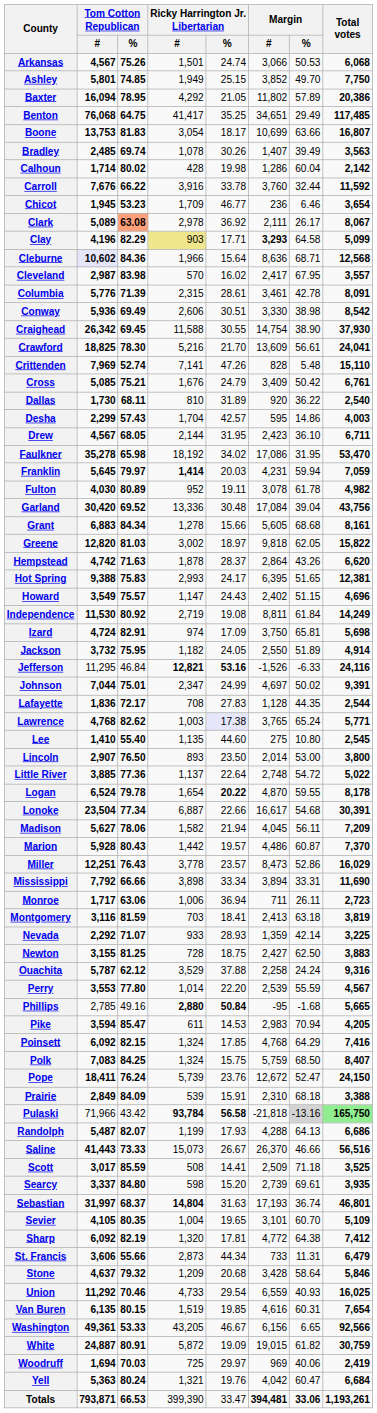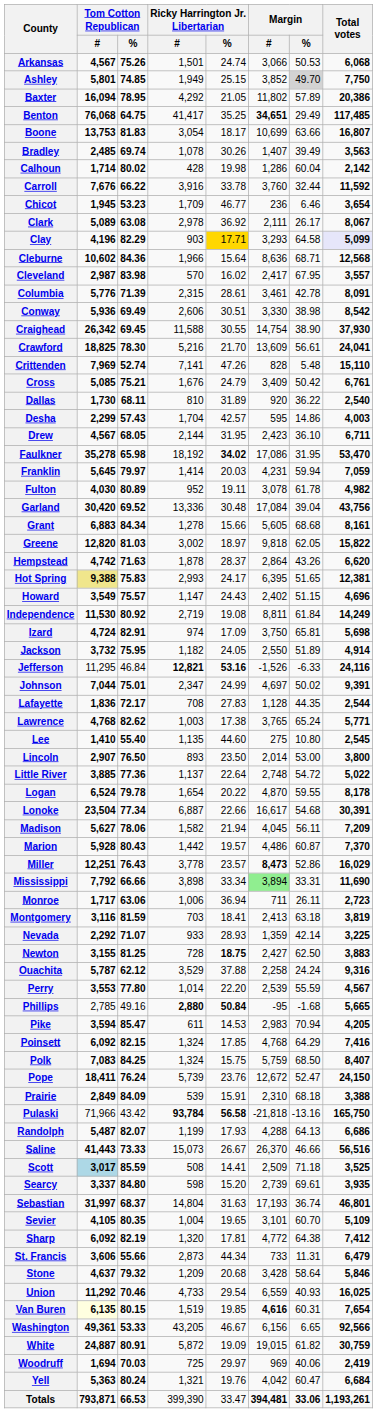 <table class="wikitable sortable" style="text-align:right;font-size:90%;line-height:1.3">
 <tr>
 <th rowspan="2">County</th>
 <th colspan="2"><a href='#'>Tom Cotton</a><br><a href='#'>Republican</a></th>
 <th colspan="2">Ricky Harrington Jr.<br><a href='#'>Libertarian</a></th>
 <th colspan="2">Margin</th>
 <th rowspan="2">Total<br>votes</th>
 </tr>
 <tr>
 <th data-sort-type="number">#</th>
 <th data-sort-type="number">%</th>
 <th data-sort-type="number">#</th>
 <th data-sort-type="number">%</th>
 <th data-sort-type="number">#</th>
 <th data-sort-type="number">%</th>
 </tr>
 <tr>
 <th><a href='#'>Arkansas</a></th>
 <td><strong>4,567</strong></td>
 <td><strong>75.26</strong></td>
 <td>1,501</td>
 <td>24.74</td>
 <td>3,066</td>
 <td>50.53</td>
 <td><strong>6,068</strong></td>
 </tr>
 <tr>
 <th><a href='#'>Ashley</a></th>
 <td><strong>5,801</strong></td>
 <td><strong>74.85</strong></td>
 <td>1,949</td>
 <td>25.15</td>
 <td>3,852</td>
-<td>49.70</td>
+<td style="background: lightgrey;">49.70</td>
 <td><strong>7,750</strong></td>
 </tr>
 <tr>
 <th><a href='#'>Baxter</a></th>
 <td><strong>16,094</strong></td>
 <td><strong>78.95</strong></td>
 <td>4,292</td>
 <td>21.05</td>
 <td>11,802</td>
 <td>57.89</td>
 <td><strong>20,386</strong></td>
 </tr>
 <tr>
 <th><a href='#'>Benton</a></th>
 <td><strong>76,068</strong></td>
 <td><strong>64.75</strong></td>
 <td>41,417</td>
 <td>35.25</td>
-<td>34,651</td>
+<td><strong>34,651</strong></td>
 <td>29.49</td>
 <td><strong>117,485</strong></td>
 </tr>
 <tr>
 <th><a href='#'>Boone</a></th>
 <td><strong>13,753</strong></td>
 <td><strong>81.83</strong></td>
 <td>3,054</td>
 <td>18.17</td>
 <td>10,699</td>
 <td>63.66</td>
 <td><strong>16,807</strong></td>
 </tr>
 <tr>
 <th><a href='#'>Bradley</a></th>
 <td><strong>2,485</strong></td>
 <td><strong>69.74</strong></td>
 <td>1,078</td>
 <td>30.26</td>
 <td>1,407</td>
 <td>39.49</td>
 <td><strong>3,563</strong></td>
 </tr>
 <tr>
 <th><a href='#'>Calhoun</a></th>
 <td><strong>1,714</strong></td>
 <td><strong>80.02</strong></td>
 <td>428</td>
 <td>19.98</td>
 <td>1,286</td>
 <td>60.04</td>
 <td><strong>2,142</strong></td>
 </tr>
 <tr>
 <th><a href='#'>Carroll</a></th>
 <td><strong>7,676</strong></td>
 <td><strong>66.22</strong></td>
 <td>3,916</td>
 <td>33.78</td>
 <td>3,760</td>
 <td>32.44</td>
 <td><strong>11,592</strong></td>
 </tr>
 <tr>
 <th><a href='#'>Chicot</a></th>
 <td><strong>1,945</strong></td>
 <td><strong>53.23</strong></td>
 <td>1,709</td>
 <td>46.77</td>
 <td>236</td>
 <td>6.46</td>
 <td><strong>3,654</strong></td>
 </tr>
 <tr>
 <th><a href='#'>Clark</a></th>
 <td><strong>5,089</strong></td>
-<td style="background: lightsalmon;"><strong>63.08</strong></td>
+<td><strong>63.08</strong></td>
 <td>2,978</td>
 <td>36.92</td>
 <td>2,111</td>
 <td>26.17</td>
 <td><strong>8,067</strong></td>
 </tr>
 <tr>
 <th><a href='#'>Clay</a></th>
 <td><strong>4,196</strong></td>
 <td><strong>82.29</strong></td>
-<td style="background: khaki;">903</td>
-<td>17.71</td>
-<td><strong>3,293</strong></td>
+<td>903</td>
+<td style="background: gold;">17.71</td>
+<td>3,293</td>
 <td>64.58</td>
-<td><strong>5,099</strong></td>
+<td style="background: lavender;"><strong>5,099</strong></td>
 </tr>
 <tr>
 <th><a href='#'>Cleburne</a></th>
-<td style="background: lavender;"><strong>10,602</strong></td>
+<td><strong>10,602</strong></td>
 <td><strong>84.36</strong></td>
 <td>1,966</td>
 <td>15.64</td>
 <td>8,636</td>
 <td>68.71</td>
 <td><strong>12,568</strong></td>
 </tr>
 <tr>
 <th><a href='#'>Cleveland</a></th>
 <td><strong>2,987</strong></td>
 <td><strong>83.98</strong></td>
 <td>570</td>
 <td>16.02</td>
 <td>2,417</td>
 <td>67.95</td>
 <td><strong>3,557</strong></td>
 </tr>
 <tr>
 <th><a href='#'>Columbia</a></th>
 <td><strong>5,776</strong></td>
 <td><strong>71.39</strong></td>
 <td>2,315</td>
 <td>28.61</td>
 <td>3,461</td>
 <td>42.78</td>
 <td><strong>8,091</strong></td>
 </tr>
 <tr>
 <th><a href='#'>Conway</a></th>
 <td><strong>5,936</strong></td>
 <td><strong>69.49</strong></td>
 <td>2,606</td>
 <td>30.51</td>
 <td>3,330</td>
 <td>38.98</td>
 <td><strong>8,542</strong></td>
 </tr>
 <tr>
 <th><a href='#'>Craighead</a></th>
 <td><strong>26,342</strong></td>
 <td><strong>69.45</strong></td>
 <td>11,588</td>
 <td>30.55</td>
 <td>14,754</td>
 <td>38.90</td>
 <td><strong>37,930</strong></td>
 </tr>
 <tr>
 <th><a href='#'>Crawford</a></th>
 <td><strong>18,825</strong></td>
 <td><strong>78.30</strong></td>
 <td>5,216</td>
 <td>21.70</td>
 <td>13,609</td>
 <td>56.61</td>
 <td><strong>24,041</strong></td>
 </tr>
 <tr>
 <th><a href='#'>Crittenden</a></th>
 <td><strong>7,969</strong></td>
 <td><strong>52.74</strong></td>
 <td>7,141</td>
 <td>47.26</td>
 <td>828</td>
 <td>5.48</td>
 <td><strong>15,110</strong></td>
 </tr>
 <tr>
 <th><a href='#'>Cross</a></th>
 <td><strong>5,085</strong></td>
 <td><strong>75.21</strong></td>
 <td>1,676</td>
 <td>24.79</td>
 <td>3,409</td>
 <td>50.42</td>
 <td><strong>6,761</strong></td>
 </tr>
 <tr>
 <th><a href='#'>Dallas</a></th>
 <td><strong>1,730</strong></td>
 <td><strong>68.11</strong></td>
 <td>810</td>
 <td>31.89</td>
 <td>920</td>
 <td>36.22</td>
 <td><strong>2,540</strong></td>
 </tr>
 <tr>
 <th><a href='#'>Desha</a></th>
 <td><strong>2,299</strong></td>
 <td><strong>57.43</strong></td>
 <td>1,704</td>
 <td>42.57</td>
 <td>595</td>
 <td>14.86</td>
 <td><strong>4,003</strong></td>
 </tr>
 <tr>
 <th><a href='#'>Drew</a></th>
 <td><strong>4,567</strong></td>
 <td><strong>68.05</strong></td>
 <td>2,144</td>
 <td>31.95</td>
 <td>2,423</td>
 <td>36.10</td>
 <td><strong>6,711</strong></td>
 </tr>
 <tr>
 <th><a href='#'>Faulkner</a></th>
 <td><strong>35,278</strong></td>
 <td><strong>65.98</strong></td>
 <td>18,192</td>
-<td>34.02</td>
+<td><strong>34.02</strong></td>
 <td>17,086</td>
 <td>31.95</td>
 <td><strong>53,470</strong></td>
 </tr>
 <tr>
 <th><a href='#'>Franklin</a></th>
 <td><strong>5,645</strong></td>
 <td><strong>79.97</strong></td>
-<td><strong>1,414</strong></td>
+<td>1,414</td>
 <td>20.03</td>
 <td>4,231</td>
 <td>59.94</td>
 <td><strong>7,059</strong></td>
 </tr>
 <tr>
 <th><a href='#'>Fulton</a></th>
 <td><strong>4,030</strong></td>
 <td><strong>80.89</strong></td>
 <td>952</td>
 <td>19.11</td>
 <td>3,078</td>
 <td>61.78</td>
 <td><strong>4,982</strong></td>
 </tr>
 <tr>
 <th><a href='#'>Garland</a></th>
 <td><strong>30,420</strong></td>
 <td><strong>69.52</strong></td>
 <td>13,336</td>
 <td>30.48</td>
 <td>17,084</td>
 <td>39.04</td>
 <td><strong>43,756</strong></td>
 </tr>
 <tr>
 <th><a href='#'>Grant</a></th>
 <td><strong>6,883</strong></td>
 <td><strong>84.34</strong></td>
 <td>1,278</td>
 <td>15.66</td>
 <td>5,605</td>
 <td>68.68</td>
 <td><strong>8,161</strong></td>
 </tr>
 <tr>
 <th><a href='#'>Greene</a></th>
 <td><strong>12,820</strong></td>
 <td><strong>81.03</strong></td>
 <td>3,002</td>
 <td>18.97</td>
 <td>9,818</td>
 <td>62.05</td>
 <td><strong>15,822</strong></td>
 </tr>
 <tr>
 <th><a href='#'>Hempstead</a></th>
 <td><strong>4,742</strong></td>
 <td><strong>71.63</strong></td>
 <td>1,878</td>
 <td>28.37</td>
 <td>2,864</td>
 <td>43.26</td>
 <td><strong>6,620</strong></td>
 </tr>
 <tr>
 <th><a href='#'>Hot Spring</a></th>
-<td><strong>9,388</strong></td>
+<td style="background: khaki;"><strong>9,388</strong></td>
 <td><strong>75.83</strong></td>
 <td>2,993</td>
 <td>24.17</td>
 <td>6,395</td>
 <td>51.65</td>
 <td><strong>12,381</strong></td>
 </tr>
 <tr>
 <th><a href='#'>Howard</a></th>
 <td><strong>3,549</strong></td>
 <td><strong>75.57</strong></td>
 <td>1,147</td>
 <td>24.43</td>
 <td>2,402</td>
 <td>51.15</td>
 <td><strong>4,696</strong></td>
 </tr>
 <tr>
 <th><a href='#'>Independence</a></th>
 <td><strong>11,530</strong></td>
 <td><strong>80.92</strong></td>
 <td>2,719</td>
 <td>19.08</td>
 <td>8,811</td>
 <td>61.84</td>
 <td><strong>14,249</strong></td>
 </tr>
 <tr>
 <th><a href='#'>Izard</a></th>
 <td><strong>4,724</strong></td>
 <td><strong>82.91</strong></td>
 <td>974</td>
 <td>17.09</td>
 <td>3,750</td>
 <td>65.81</td>
 <td><strong>5,698</strong></td>
 </tr>
 <tr>
 <th><a href='#'>Jackson</a></th>
 <td><strong>3,732</strong></td>
 <td><strong>75.95</strong></td>
 <td>1,182</td>
 <td>24.05</td>
 <td>2,550</td>
 <td>51.89</td>
 <td><strong>4,914</strong></td>
 </tr>
 <tr>
 <th><a href='#'>Jefferson</a></th>
 <td>11,295</td>
 <td>46.84</td>
 <td><strong>12,821</strong></td>
 <td><strong>53.16</strong></td>
 <td>-1,526</td>
 <td>-6.33</td>
 <td><strong>24,116</strong></td>
 </tr>
 <tr>
 <th><a href='#'>Johnson</a></th>
 <td><strong>7,044</strong></td>
 <td><strong>75.01</strong></td>
 <td>2,347</td>
 <td>24.99</td>
 <td>4,697</td>
 <td>50.02</td>
 <td><strong>9,391</strong></td>
 </tr>
 <tr>
 <th><a href='#'>Lafayette</a></th>
 <td><strong>1,836</strong></td>
 <td><strong>72.17</strong></td>
 <td>708</td>
 <td>27.83</td>
 <td>1,128</td>
 <td>44.35</td>
 <td><strong>2,544</strong></td>
 </tr>
 <tr>
 <th><a href='#'>Lawrence</a></th>
 <td><strong>4,768</strong></td>
 <td><strong>82.62</strong></td>
 <td>1,003</td>
-<td style="background: lavender;">17.38</td>
+<td>17.38</td>
 <td>3,765</td>
 <td>65.24</td>
 <td><strong>5,771</strong></td>
 </tr>
 <tr>
 <th><a href='#'>Lee</a></th>
 <td><strong>1,410</strong></td>
 <td><strong>55.40</strong></td>
 <td>1,135</td>
 <td>44.60</td>
 <td>275</td>
 <td>10.80</td>
 <td><strong>2,545</strong></td>
 </tr>
 <tr>
 <th><a href='#'>Lincoln</a></th>
 <td><strong>2,907</strong></td>
 <td><strong>76.50</strong></td>
 <td>893</td>
 <td>23.50</td>
 <td>2,014</td>
 <td>53.00</td>
 <td><strong>3,800</strong></td>
 </tr>
 <tr>
 <th><a href='#'>Little River</a></th>
 <td><strong>3,885</strong></td>
 <td><strong>77.36</strong></td>
 <td>1,137</td>
 <td>22.64</td>
 <td>2,748</td>
 <td>54.72</td>
 <td><strong>5,022</strong></td>
 </tr>
 <tr>
 <th><a href='#'>Logan</a></th>
 <td><strong>6,524</strong></td>
 <td><strong>79.78</strong></td>
 <td>1,654</td>
-<td><strong>20.22</strong></td>
+<td>20.22</td>
 <td>4,870</td>
 <td>59.55</td>
 <td><strong>8,178</strong></td>
 </tr>
 <tr>
 <th><a href='#'>Lonoke</a></th>
 <td><strong>23,504</strong></td>
 <td><strong>77.34</strong></td>
 <td>6,887</td>
 <td>22.66</td>
 <td>16,617</td>
 <td>54.68</td>
 <td><strong>30,391</strong></td>
 </tr>
 <tr>
 <th><a href='#'>Madison</a></th>
 <td><strong>5,627</strong></td>
 <td><strong>78.06</strong></td>
 <td>1,582</td>
 <td>21.94</td>
 <td>4,045</td>
 <td>56.11</td>
 <td><strong>7,209</strong></td>
 </tr>
 <tr>
 <th><a href='#'>Marion</a></th>
 <td><strong>5,928</strong></td>
 <td><strong>80.43</strong></td>
 <td>1,442</td>
 <td>19.57</td>
 <td>4,486</td>
 <td>60.87</td>
 <td><strong>7,370</strong></td>
 </tr>
 <tr>
 <th><a href='#'>Miller</a></th>
 <td><strong>12,251</strong></td>
 <td><strong>76.43</strong></td>
 <td>3,778</td>
 <td>23.57</td>
-<td>8,473</td>
+<td><strong>8,473</strong></td>
 <td>52.86</td>
 <td><strong>16,029</strong></td>
 </tr>
 <tr>
 <th><a href='#'>Mississippi</a></th>
 <td><strong>7,792</strong></td>
 <td><strong>66.66</strong></td>
 <td>3,898</td>
 <td>33.34</td>
-<td>3,894</td>
+<td style="background: lightgreen;">3,894</td>
 <td>33.31</td>
 <td><strong>11,690</strong></td>
 </tr>
 <tr>
 <th><a href='#'>Monroe</a></th>
 <td><strong>1,717</strong></td>
 <td><strong>63.06</strong></td>
 <td>1,006</td>
 <td>36.94</td>
 <td>711</td>
 <td>26.11</td>
 <td><strong>2,723</strong></td>
 </tr>
 <tr>
 <th><a href='#'>Montgomery</a></th>
 <td><strong>3,116</strong></td>
 <td><strong>81.59</strong></td>
 <td>703</td>
 <td>18.41</td>
 <td>2,413</td>
 <td>63.18</td>
 <td><strong>3,819</strong></td>
 </tr>
 <tr>
 <th><a href='#'>Nevada</a></th>
 <td><strong>2,292</strong></td>
 <td><strong>71.07</strong></td>
 <td>933</td>
 <td>28.93</td>
 <td>1,359</td>
 <td>42.14</td>
 <td><strong>3,225</strong></td>
 </tr>
 <tr>
 <th><a href='#'>Newton</a></th>
 <td><strong>3,155</strong></td>
 <td><strong>81.25</strong></td>
 <td>728</td>
-<td>18.75</td>
+<td><strong>18.75</strong></td>
 <td>2,427</td>
 <td>62.50</td>
 <td><strong>3,883</strong></td>
 </tr>
 <tr>
 <th><a href='#'>Ouachita</a></th>
 <td><strong>5,787</strong></td>
 <td><strong>62.12</strong></td>
 <td>3,529</td>
 <td>37.88</td>
 <td>2,258</td>
 <td>24.24</td>
 <td><strong>9,316</strong></td>
 </tr>
 <tr>
 <th><a href='#'>Perry</a></th>
 <td><strong>3,553</strong></td>
 <td><strong>77.80</strong></td>
 <td>1,014</td>
 <td>22.20</td>
 <td>2,539</td>
 <td>55.59</td>
 <td><strong>4,567</strong></td>
 </tr>
 <tr>
 <th><a href='#'>Phillips</a></th>
 <td>2,785</td>
 <td>49.16</td>
 <td><strong>2,880</strong></td>
 <td><strong>50.84</strong></td>
 <td>-95</td>
 <td>-1.68</td>
 <td><strong>5,665</strong></td>
 </tr>
 <tr>
 <th><a href='#'>Pike</a></th>
 <td><strong>3,594</strong></td>
 <td><strong>85.47</strong></td>
 <td>611</td>
 <td>14.53</td>
 <td>2,983</td>
 <td>70.94</td>
 <td><strong>4,205</strong></td>
 </tr>
 <tr>
 <th><a href='#'>Poinsett</a></th>
 <td><strong>6,092</strong></td>
 <td><strong>82.15</strong></td>
 <td>1,324</td>
 <td>17.85</td>
 <td>4,768</td>
 <td>64.29</td>
 <td><strong>7,416</strong></td>
 </tr>
 <tr>
 <th><a href='#'>Polk</a></th>
 <td><strong>7,083</strong></td>
 <td><strong>84.25</strong></td>
 <td>1,324</td>
 <td>15.75</td>
 <td>5,759</td>
 <td>68.50</td>
 <td><strong>8,407</strong></td>
 </tr>
 <tr>
 <th><a href='#'>Pope</a></th>
 <td><strong>18,411</strong></td>
 <td><strong>76.24</strong></td>
 <td>5,739</td>
 <td>23.76</td>
 <td>12,672</td>
 <td>52.47</td>
 <td><strong>24,150</strong></td>
 </tr>
 <tr>
 <th><a href='#'>Prairie</a></th>
 <td><strong>2,849</strong></td>
 <td><strong>84.09</strong></td>
 <td>539</td>
 <td>15.91</td>
 <td>2,310</td>
 <td>68.18</td>
 <td><strong>3,388</strong></td>
 </tr>
 <tr>
 <th><a href='#'>Pulaski</a></th>
 <td>71,966</td>
 <td>43.42</td>
 <td><strong>93,784</strong></td>
 <td><strong>56.58</strong></td>
 <td>-21,818</td>
-<td style="background: lightgrey;">-13.16</td>
-<td style="background: lightgreen;"><strong>165,750</strong></td>
+<td>-13.16</td>
+<td><strong>165,750</strong></td>
 </tr>
 <tr>
 <th><a href='#'>Randolph</a></th>
 <td><strong>5,487</strong></td>
 <td><strong>82.07</strong></td>
 <td>1,199</td>
 <td>17.93</td>
 <td>4,288</td>
 <td>64.13</td>
 <td><strong>6,686</strong></td>
 </tr>
 <tr>
 <th><a href='#'>Saline</a></th>
 <td><strong>41,443</strong></td>
 <td><strong>73.33</strong></td>
 <td>15,073</td>
 <td>26.67</td>
 <td>26,370</td>
 <td>46.66</td>
 <td><strong>56,516</strong></td>
 </tr>
 <tr>
 <th><a href='#'>Scott</a></th>
-<td><strong>3,017</strong></td>
+<td style="background: lightblue;"><strong>3,017</strong></td>
 <td><strong>85.59</strong></td>
 <td>508</td>
 <td>14.41</td>
 <td>2,509</td>
 <td>71.18</td>
 <td><strong>3,525</strong></td>
 </tr>
 <tr>
 <th><a href='#'>Searcy</a></th>
 <td><strong>3,337</strong></td>
 <td><strong>84.80</strong></td>
 <td>598</td>
 <td>15.20</td>
 <td>2,739</td>
 <td>69.61</td>
 <td><strong>3,935</strong></td>
 </tr>
 <tr>
 <th><a href='#'>Sebastian</a></th>
 <td><strong>31,997</strong></td>
 <td><strong>68.37</strong></td>
-<td><strong>14,804</strong></td>
+<td>14,804</td>
 <td>31.63</td>
 <td>17,193</td>
 <td>36.74</td>
 <td><strong>46,801</strong></td>
 </tr>
 <tr>
 <th><a href='#'>Sevier</a></th>
 <td><strong>4,105</strong></td>
 <td><strong>80.35</strong></td>
 <td>1,004</td>
 <td>19.65</td>
 <td>3,101</td>
 <td>60.70</td>
 <td><strong>5,109</strong></td>
 </tr>
 <tr>
 <th><a href='#'>Sharp</a></th>
 <td><strong>6,092</strong></td>
 <td><strong>82.19</strong></td>
 <td>1,320</td>
 <td>17.81</td>
 <td>4,772</td>
 <td>64.38</td>
 <td><strong>7,412</strong></td>
 </tr>
 <tr>
 <th><a href='#'>St. Francis</a></th>
 <td><strong>3,606</strong></td>
 <td><strong>55.66</strong></td>
 <td>2,873</td>
 <td>44.34</td>
 <td>733</td>
 <td>11.31</td>
 <td><strong>6,479</strong></td>
 </tr>
 <tr>
 <th><a href='#'>Stone</a></th>
 <td><strong>4,637</strong></td>
 <td><strong>79.32</strong></td>
 <td>1,209</td>
 <td>20.68</td>
 <td>3,428</td>
 <td>58.64</td>
 <td><strong>5,846</strong></td>
 </tr>
 <tr>
 <th><a href='#'>Union</a></th>
 <td><strong>11,292</strong></td>
 <td><strong>70.46</strong></td>
 <td>4,733</td>
 <td>29.54</td>
 <td>6,559</td>
 <td>40.93</td>
 <td><strong>16,025</strong></td>
 </tr>
 <tr>
 <th><a href='#'>Van Buren</a></th>
-<td><strong>6,135</strong></td>
+<td style="background: lightyellow;"><strong>6,135</strong></td>
 <td><strong>80.15</strong></td>
 <td>1,519</td>
 <td>19.85</td>
-<td>4,616</td>
+<td><strong>4,616</strong></td>
 <td>60.31</td>
 <td><strong>7,654</strong></td>
 </tr>
 <tr>
 <th><a href='#'>Washington</a></th>
 <td><strong>49,361</strong></td>
 <td><strong>53.33</strong></td>
 <td>43,205</td>
 <td>46.67</td>
 <td>6,156</td>
 <td>6.65</td>
 <td><strong>92,566</strong></td>
 </tr>
 <tr>
 <th><a href='#'>White</a></th>
 <td><strong>24,887</strong></td>
 <td><strong>80.91</strong></td>
 <td>5,872</td>
 <td>19.09</td>
 <td>19,015</td>
 <td>61.82</td>
 <td><strong>30,759</strong></td>
 </tr>
 <tr>
 <th><a href='#'>Woodruff</a></th>
 <td><strong>1,694</strong></td>
 <td><strong>70.03</strong></td>
 <td>725</td>
 <td>29.97</td>
 <td>969</td>
 <td>40.06</td>
 <td><strong>2,419</strong></td>
 </tr>
 <tr>
 <th><a href='#'>Yell</a></th>
 <td><strong>5,363</strong></td>
 <td><strong>80.24</strong></td>
 <td>1,321</td>
 <td>19.76</td>
 <td>4,042</td>
 <td>60.47</td>
 <td><strong>6,684</strong></td>
 </tr>
 <tr class="sortbottom">
 <th>Totals</th>
 <td><strong>793,871</strong></td>
 <td><strong>66.53</strong></td>
 <td>399,390</td>
 <td>33.47</td>
 <td><strong>394,481</strong></td>
 <td><strong>33.06</strong></td>
 <td><strong>1,193,261</strong></td>
 </tr>
 </table>
